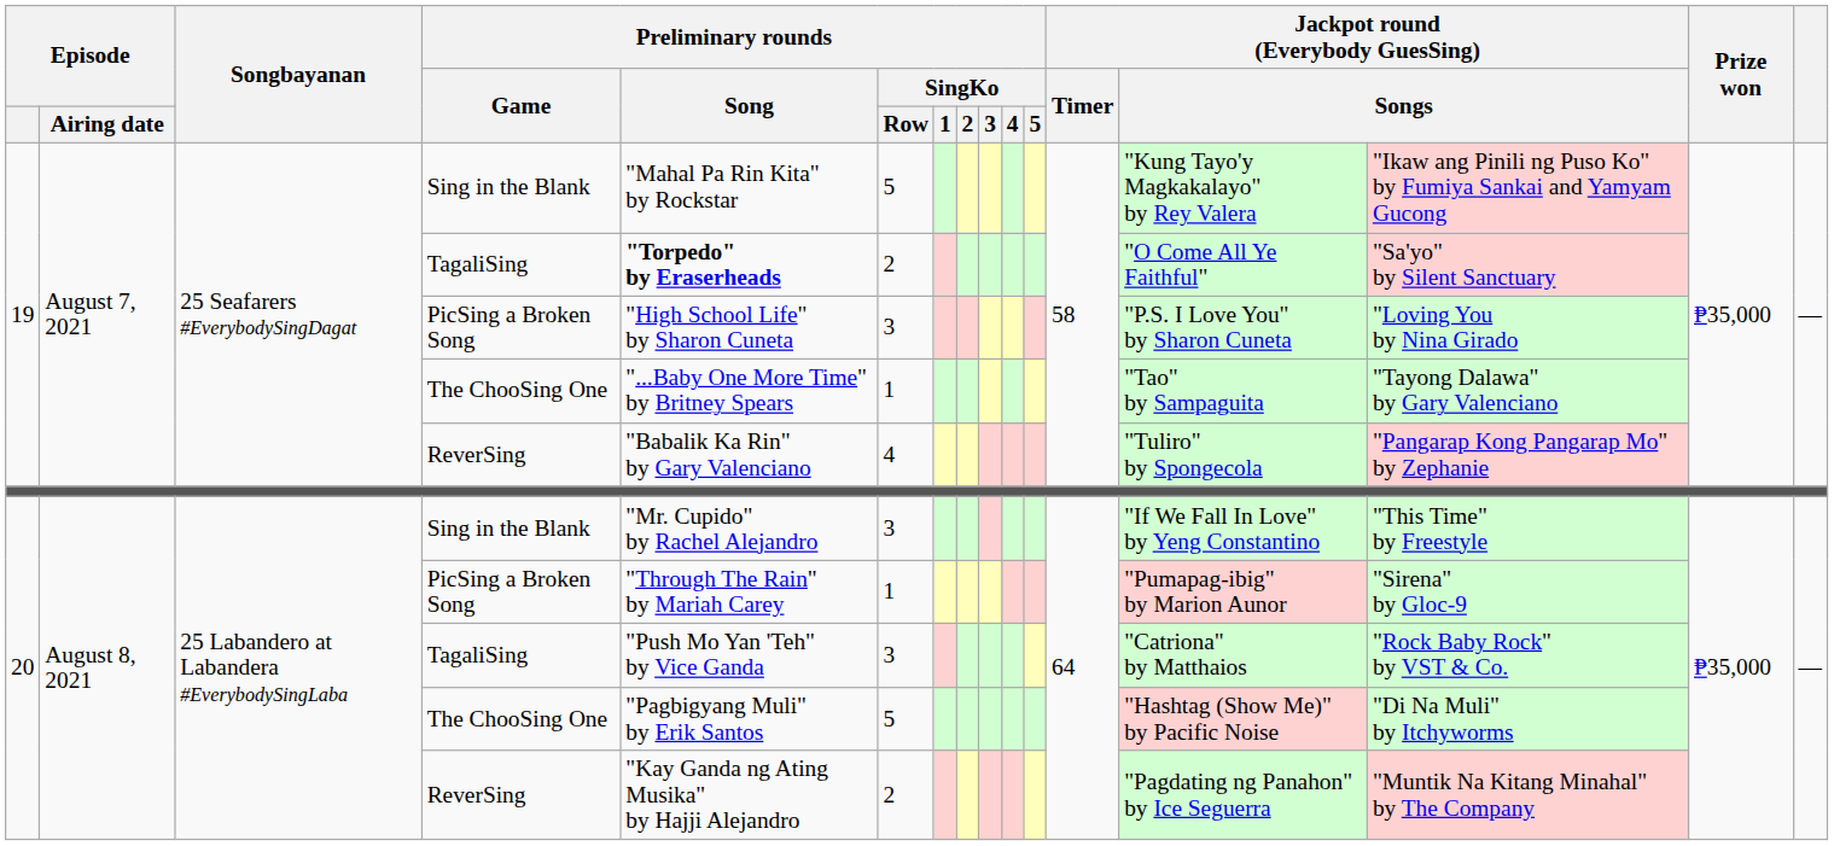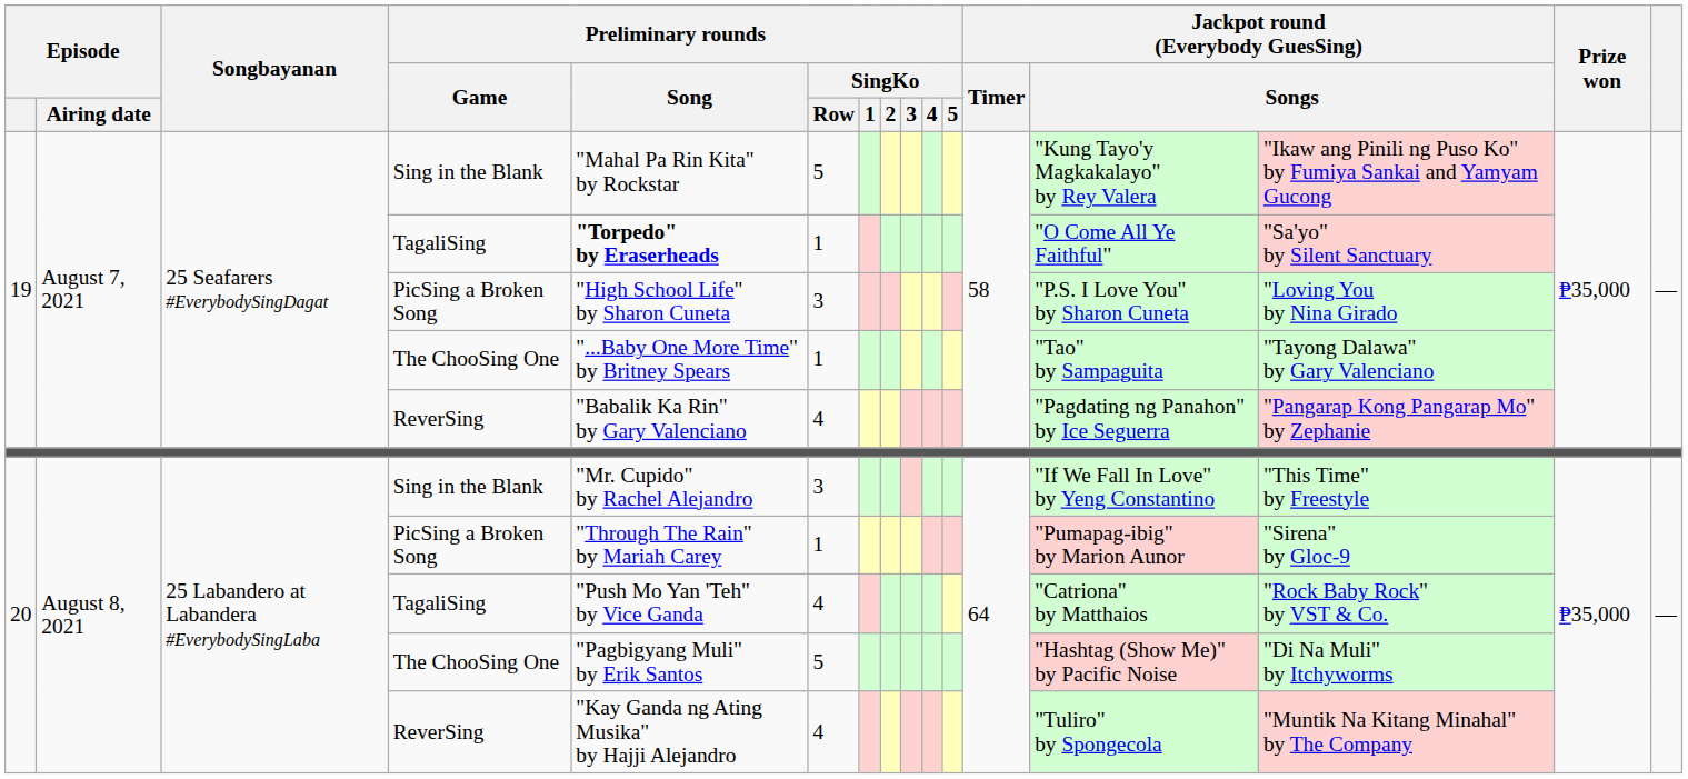 <table class="wikitable plainrowheaders mw-collapsible ">
 <tr>
 <th colspan="2" rowspan="2">Episode</th>
 <th rowspan="3">Songbayanan</th>
 <th colspan="8">Preliminary rounds</th>
 <th colspan="3">Jackpot round<br>(Everybody GuesSing)</th>
 <th rowspan="3">Prize won</th>
 <th rowspan="3"></th>
 </tr>
 <tr>
 <th rowspan="2">Game</th>
 <th rowspan="2">Song</th>
 <th colspan="6">SingKo</th>
 <th rowspan="2">Timer</th>
 <th colspan="2" rowspan="2">Songs</th>
 </tr>
 <tr>
 <th></th>
 <th>Airing date</th>
 <th>Row</th>
 <th>1</th>
 <th>2</th>
 <th>3</th>
 <th>4</th>
 <th>5</th>
 </tr>
 <tr>
 <td rowspan="5">19</td>
 <td rowspan="5">August 7, 2021</td>
 <td rowspan="5">25 Seafarers<br><small><em>#EverybodySingDagat</em></small></td>
 <td>Sing in the Blank</td>
 <td>"Mahal Pa Rin Kita"<br>by Rockstar</td>
 <td>5</td>
 <td style="background:#D2FFD2"></td>
 <td style="background:#FFB"></td>
 <td style="background:#FFB"></td>
 <td style="background:#D2FFD2"></td>
 <td style="background:#FFB"></td>
 <td rowspan="5">58 </td>
 <td style="background:#D2FFD2">"Kung Tayo'y Magkakalayo"<br>by <a href='#'>Rey Valera</a></td>
 <td style="background:#FFD2D2">"Ikaw ang Pinili ng Puso Ko"<br>by <a href='#'>Fumiya Sankai</a> and <a href='#'>Yamyam Gucong</a></td>
 <td rowspan="5"><a href='#'>₱</a>35,000</td>
 <td rowspan="5">—</td>
 </tr>
 <tr>
 <td>TagaliSing</td>
 <td><strong>"Torpedo"<br>by <a href='#'>Eraserheads</a></strong></td>
-<td>2</td>
+<td>1</td>
 <td style="background:#FFD2D2"></td>
 <td style="background:#D2FFD2"></td>
 <td style="background:#D2FFD2"></td>
 <td style="background:#D2FFD2"></td>
 <td style="background:#D2FFD2"></td>
 <td style="background:#D2FFD2">"<a href='#'>O Come All Ye Faithful</a>"</td>
 <td style="background:#FFD2D2">"Sa'yo"<br>by <a href='#'>Silent Sanctuary</a></td>
 </tr>
 <tr>
 <td>PicSing a Broken Song</td>
 <td>"<a href='#'>High School Life</a>"<br>by <a href='#'>Sharon Cuneta</a></td>
 <td>3</td>
 <td style="background:#FFD2D2"></td>
 <td style="background:#FFD2D2"></td>
 <td style="background:#FFB"></td>
 <td style="background:#FFB"></td>
 <td style="background:#FFD2D2"></td>
 <td style="background:#D2FFD2">"P.S. I Love You"<br>by <a href='#'>Sharon Cuneta</a></td>
 <td style="background:#D2FFD2">"<a href='#'>Loving You</a><br>by <a href='#'>Nina Girado</a></td>
 </tr>
 <tr>
 <td>The ChooSing One</td>
 <td>"<a href='#'>...Baby One More Time</a>"<br>by <a href='#'>Britney Spears</a></td>
 <td>1</td>
 <td style="background:#D2FFD2"></td>
 <td style="background:#D2FFD2"></td>
 <td style="background:#FFB"></td>
 <td style="background:#D2FFD2"></td>
 <td style="background:#FFB"></td>
 <td style="background:#D2FFD2">"Tao"<br>by <a href='#'>Sampaguita</a></td>
 <td style="background:#D2FFD2">"Tayong Dalawa"<br>by <a href='#'>Gary Valenciano</a></td>
 </tr>
 <tr>
 <td>ReverSing</td>
 <td>"Babalik Ka Rin"<br>by <a href='#'>Gary Valenciano</a></td>
 <td>4</td>
 <td style="background:#FFB"></td>
 <td style="background:#FFB"></td>
 <td style="background:#FFD2D2"></td>
 <td style="background:#FFD2D2"></td>
 <td style="background:#FFD2D2"></td>
-<td style="background:#D2FFD2">"Tuliro"<br>by <a href='#'>Spongecola</a></td>
+<td style="background:#D2FFD2">"Pagdating ng Panahon"<br>by <a href='#'>Ice Seguerra</a></td>
 <td style="background:#FFD2D2">"<a href='#'>Pangarap Kong Pangarap Mo</a>"<br>by <a href='#'>Zephanie</a></td>
 </tr>
 <tr>
 <th colspan="16" style="background:#555"></th>
 </tr>
 <tr>
 <td rowspan="5">20</td>
 <td rowspan="5">August 8, 2021</td>
 <td rowspan="5">25 Labandero at Labandera<br><small><em>#EverybodySingLaba</em></small></td>
 <td>Sing in the Blank</td>
 <td>"Mr. Cupido"<br>by <a href='#'>Rachel Alejandro</a></td>
 <td>3</td>
 <td style="background:#D2FFD2"></td>
 <td style="background:#D2FFD2"></td>
 <td style="background:#FFD2D2"></td>
 <td style="background:#D2FFD2"></td>
 <td style="background:#D2FFD2"></td>
 <td rowspan="5">64 </td>
 <td style="background:#D2FFD2">"If We Fall In Love"<br>by <a href='#'>Yeng Constantino</a></td>
 <td style="background:#D2FFD2">"This Time"<br>by <a href='#'>Freestyle</a></td>
 <td rowspan="5"><a href='#'>₱</a>35,000</td>
 <td rowspan="5">—</td>
 </tr>
 <tr>
 <td>PicSing a Broken Song</td>
 <td>"<a href='#'>Through The Rain</a>"<br>by <a href='#'>Mariah Carey</a></td>
 <td>1</td>
 <td style="background:#FFB"></td>
 <td style="background:#FFB"></td>
 <td style="background:#FFB"></td>
 <td style="background:#FFD2D2"></td>
 <td style="background:#FFD2D2"></td>
 <td style="background:#FFD2D2">"Pumapag-ibig"<br>by Marion Aunor</td>
 <td style="background:#D2FFD2">"Sirena"<br>by <a href='#'>Gloc-9</a></td>
 </tr>
 <tr>
 <td>TagaliSing</td>
 <td>"Push Mo Yan 'Teh"<br>by <a href='#'>Vice Ganda</a></td>
-<td>3</td>
+<td>4</td>
 <td style="background:#FFD2D2"></td>
 <td style="background:#D2FFD2"></td>
 <td style="background:#D2FFD2"></td>
 <td style="background:#D2FFD2"></td>
 <td style="background:#FFB"></td>
 <td style="background:#D2FFD2">"Catriona"<br>by Matthaios</td>
 <td style="background:#D2FFD2">"<a href='#'>Rock Baby Rock</a>"<br>by <a href='#'>VST & Co.</a></td>
 </tr>
 <tr>
 <td>The ChooSing One</td>
 <td>"Pagbigyang Muli"<br>by <a href='#'>Erik Santos</a></td>
 <td>5</td>
 <td style="background:#D2FFD2"></td>
 <td style="background:#D2FFD2"></td>
 <td style="background:#D2FFD2"></td>
 <td style="background:#D2FFD2"></td>
 <td style="background:#D2FFD2"></td>
 <td style="background:#FFD2D2">"Hashtag (Show Me)"<br>by Pacific Noise</td>
 <td style="background:#D2FFD2">"Di Na Muli"<br> by <a href='#'>Itchyworms</a></td>
 </tr>
 <tr>
 <td>ReverSing</td>
 <td>"Kay Ganda ng Ating Musika"<br>by Hajji Alejandro</td>
-<td>2</td>
+<td>4</td>
 <td style="background:#FFD2D2"></td>
 <td style="background:#FFB"></td>
 <td style="background:#FFD2D2"></td>
 <td style="background:#FFD2D2"></td>
 <td style="background:#FFB"></td>
-<td style="background:#D2FFD2">"Pagdating ng Panahon"<br>by <a href='#'>Ice Seguerra</a></td>
+<td style="background:#D2FFD2">"Tuliro"<br>by <a href='#'>Spongecola</a></td>
 <td style="background:#FFD2D2">"Muntik Na Kitang Minahal"<br>by <a href='#'>The Company</a></td>
 </tr>
 </table>
